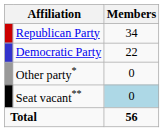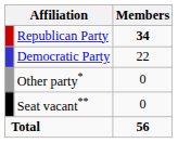 <table class=wikitable>
 <tr>
 <th colspan=2 align=center valign=bottom>Affiliation</th>
 <th valign=bottom>Members</th>
 </tr>
 <tr>
 <td bgcolor="#CC0000"> </td>
 <td><a href='#'>Republican Party</a></td>
-<td align=center>34</td>
+<td align=center><strong>34</strong></td>
 </tr>
 <tr>
 <td bgcolor="#3333CC"> </td>
 <td><a href='#'>Democratic Party</a></td>
 <td align=center>22</td>
 </tr>
 <tr>
 <td bgcolor="#999999"> </td>
 <td>Other party<sup>*</sup></td>
 <td align=center>0</td>
 </tr>
 <tr>
 <td bgcolor="black"> </td>
 <td>Seat vacant<sup>**</sup></td>
-<td align=center style="background: lightblue;">0</td>
+<td align=center>0</td>
 </tr>
 <tr>
 <td colspan=2> <strong>Total</strong></td>
 <td align=center><strong>56</strong></td>
 </tr>
 </table>
